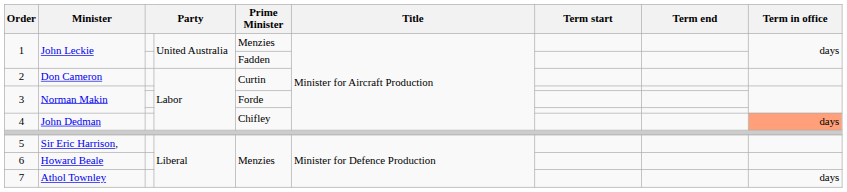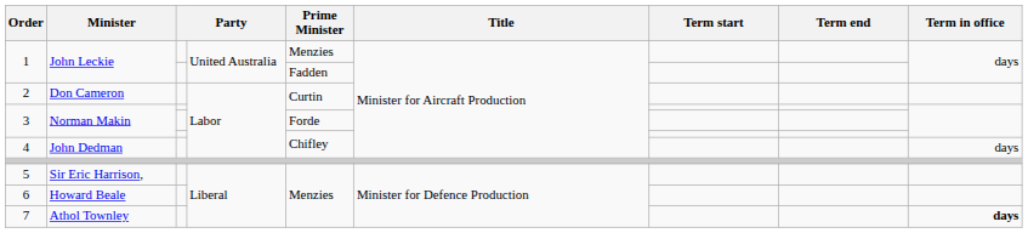 <table class="wikitable">
 <tr>
 <th width=5>Order</th>
 <th width=150>Minister</th>
 <th width=125 colspan="2">Party</th>
 <th width=75>Prime Minister</th>
 <th width=350>Title</th>
 <th width=150>Term start</th>
 <th width=150>Term end</th>
 <th width=130>Term in office</th>
 </tr>
 <tr>
 <td rowspan=2 align=center>1</td>
 <td rowspan=2><a href='#'>John Leckie</a></td>
 <td> </td>
 <td rowspan=2>United Australia</td>
 <td>Menzies</td>
 <td rowspan=7>Minister for Aircraft Production</td>
 <td align=center></td>
 <td align=center></td>
 <td rowspan=2 align=right> days</td>
 </tr>
 <tr>
 <td></td>
 <td>Fadden</td>
 <td align=center></td>
 <td align=center></td>
 </tr>
 <tr>
 <td align=center>2</td>
 <td><a href='#'>Don Cameron</a></td>
 <td></td>
 <td rowspan=5>Labor</td>
 <td rowspan=2>Curtin</td>
 <td align=center></td>
 <td align=center></td>
 <td align=right></td>
 </tr>
 <tr>
 <td rowspan=3 align=center>3</td>
 <td rowspan=3><a href='#'>Norman Makin</a></td>
 <td></td>
 <td align=center></td>
 <td align=center></td>
 <td rowspan=3 align=right></td>
 </tr>
 <tr>
 <td></td>
 <td>Forde</td>
 <td align=center></td>
 <td align=center></td>
 </tr>
 <tr>
 <td></td>
 <td rowspan=2>Chifley</td>
 <td align=center></td>
 <td align=center></td>
 </tr>
 <tr>
 <td align=center>4</td>
 <td><a href='#'>John Dedman</a></td>
 <td></td>
 <td align=center></td>
 <td align=center></td>
-<td align=right style="background: lightsalmon;"> days</td>
+<td align=right> days</td>
 </tr>
 <tr>
 <th colspan=9 style="background: #cccccc;"></th>
 </tr>
 <tr>
 <td align=center>5</td>
 <td><a href='#'>Sir Eric Harrison</a>, </td>
 <td></td>
 <td rowspan=3>Liberal</td>
 <td rowspan=3>Menzies</td>
 <td rowspan=3>Minister for Defence Production</td>
 <td align=center></td>
 <td align=center></td>
 <td align=right><strong></strong></td>
 </tr>
 <tr>
 <td align=center>6</td>
 <td><a href='#'>Howard Beale</a></td>
 <td></td>
 <td align=center></td>
 <td align=center></td>
 <td align=right></td>
 </tr>
 <tr>
 <td align=center>7</td>
 <td><a href='#'>Athol Townley</a></td>
 <td></td>
 <td align=center></td>
 <td align=center></td>
-<td align=right> days</td>
+<td align=right><strong> days</strong></td>
 </tr>
 </table>
